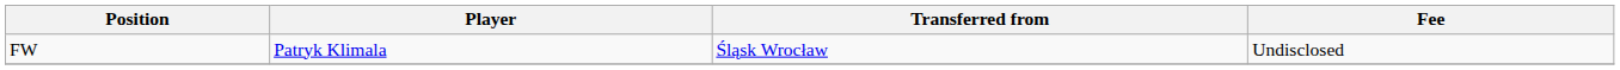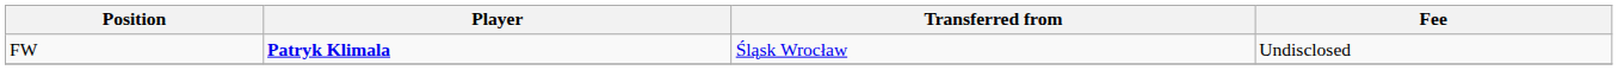 <table class="wikitable sortable" style="width:70%; text-align:center; font-size:100%; text-align:left;">
 <tr>
 <th>Position</th>
 <th>Player</th>
 <th>Transferred from</th>
 <th>Fee</th>
 </tr>
 <tr>
 <td>FW</td>
-<td> <a href='#'>Patryk Klimala</a></td>
+<td><strong> <a href='#'>Patryk Klimala</a></strong></td>
 <td> <a href='#'>Śląsk Wrocław</a></td>
 <td>Undisclosed</td>
 </tr>
 <tr>
 </tr>
 </table>
